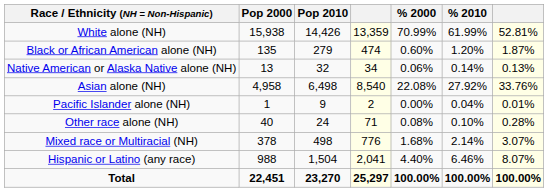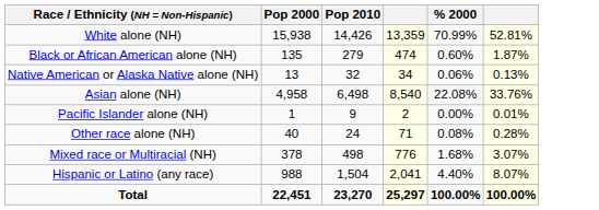 <table class="wikitable" style="text-align:center;">
 <tr>
 <th>Race / Ethnicity <small>(<em>NH = Non-Hispanic</em>)</small></th>
 <th>Pop 2000</th>
 <th>Pop 2010</th>
 <th></th>
 <th>% 2000</th>
-<th>% 2010</th>
 <th></th>
 </tr>
 <tr>
 <td><a href='#'>White</a> alone (NH)</td>
 <td>15,938</td>
 <td>14,426</td>
 <td style='background: #ffffe6;'>13,359</td>
 <td>70.99%</td>
-<td>61.99%</td>
 <td style='background: #ffffe6;'>52.81%</td>
 </tr>
 <tr>
 <td><a href='#'>Black or African American</a> alone (NH)</td>
 <td>135</td>
 <td>279</td>
 <td style='background: #ffffe6;'>474</td>
 <td>0.60%</td>
-<td>1.20%</td>
 <td style='background: #ffffe6;'>1.87%</td>
 </tr>
 <tr>
 <td><a href='#'>Native American</a> or <a href='#'>Alaska Native</a> alone (NH)</td>
 <td>13</td>
 <td>32</td>
 <td style='background: #ffffe6;'>34</td>
 <td>0.06%</td>
-<td>0.14%</td>
 <td style='background: #ffffe6;'>0.13%</td>
 </tr>
 <tr>
 <td><a href='#'>Asian</a> alone (NH)</td>
 <td>4,958</td>
 <td>6,498</td>
 <td style='background: #ffffe6;'>8,540</td>
 <td>22.08%</td>
-<td>27.92%</td>
 <td style='background: #ffffe6;'>33.76%</td>
 </tr>
 <tr>
 <td><a href='#'>Pacific Islander</a> alone (NH)</td>
 <td>1</td>
 <td>9</td>
 <td style='background: #ffffe6;'>2</td>
 <td>0.00%</td>
-<td>0.04%</td>
 <td style='background: #ffffe6;'>0.01%</td>
 </tr>
 <tr>
 <td><a href='#'>Other race</a> alone (NH)</td>
 <td>40</td>
 <td>24</td>
 <td style='background: #ffffe6;'>71</td>
 <td>0.08%</td>
-<td>0.10%</td>
 <td style='background: #ffffe6;'>0.28%</td>
 </tr>
 <tr>
 <td><a href='#'>Mixed race or Multiracial</a> (NH)</td>
 <td>378</td>
 <td>498</td>
 <td style='background: #ffffe6;'>776</td>
 <td>1.68%</td>
-<td>2.14%</td>
 <td style='background: #ffffe6;'>3.07%</td>
 </tr>
 <tr>
 <td><a href='#'>Hispanic or Latino</a> (any race)</td>
 <td>988</td>
 <td>1,504</td>
 <td style='background: #ffffe6;'>2,041</td>
 <td>4.40%</td>
-<td>6.46%</td>
 <td style='background: #ffffe6;'>8.07%</td>
 </tr>
 <tr>
 <td><strong>Total</strong></td>
 <td><strong>22,451</strong></td>
 <td><strong>23,270</strong></td>
 <td style='background: #ffffe6;'><strong>25,297</strong></td>
 <td><strong>100.00%</strong></td>
-<td><strong>100.00%</strong></td>
 <td style='background: #ffffe6;'><strong>100.00%</strong></td>
 </tr>
 </table>
